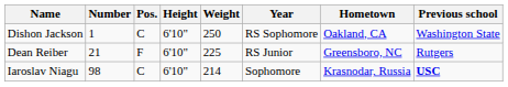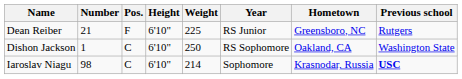 <table class="wikitable sortable" border="1">
 <tr>
 <th>Name</th>
 <th>Number</th>
 <th>Pos.</th>
 <th>Height</th>
 <th>Weight</th>
 <th>Year</th>
 <th>Hometown</th>
 <th>Previous school</th>
 </tr>
 <tr>
+<td>Dean Reiber</td>
+<td>21</td>
+<td>F</td>
+<td>6'10"</td>
+<td>225</td>
+<td>RS Junior</td>
+<td><a href='#'>Greensboro, NC</a></td>
+<td><a href='#'>Rutgers</a></td>
+</tr>
+<tr>
 <td>Dishon Jackson</td>
 <td>1</td>
 <td>C</td>
 <td>6'10"</td>
 <td>250</td>
 <td>RS Sophomore</td>
 <td><a href='#'>Oakland, CA</a></td>
 <td><a href='#'>Washington State</a></td>
-</tr>
-<tr>
-<td>Dean Reiber</td>
-<td>21</td>
-<td>F</td>
-<td>6'10"</td>
-<td>225</td>
-<td>RS Junior</td>
-<td><a href='#'>Greensboro, NC</a></td>
-<td><a href='#'>Rutgers</a></td>
 </tr>
 <tr>
 <td>Iaroslav Niagu</td>
 <td>98</td>
 <td>C</td>
 <td>6'10"</td>
 <td>214</td>
 <td>Sophomore</td>
 <td><a href='#'>Krasnodar, Russia</a></td>
 <td><strong><a href='#'>USC</a></strong></td>
 </tr>
 </table>
